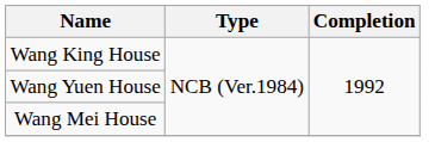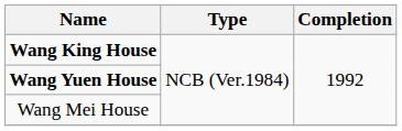 <table class="wikitable" style="text-align: center">
 <tr>
 <th>Name</th>
 <th>Type</th>
 <th>Completion</th>
 </tr>
 <tr>
-<td>Wang King House</td>
+<td><strong>Wang King House</strong></td>
 <td rowspan="3">NCB (Ver.1984)</td>
 <td rowspan="3">1992</td>
 </tr>
 <tr>
-<td>Wang Yuen House</td>
+<td><strong>Wang Yuen House</strong></td>
 </tr>
 <tr>
 <td>Wang Mei House</td>
 </tr>
 <tr>
 </tr>
 </table>
